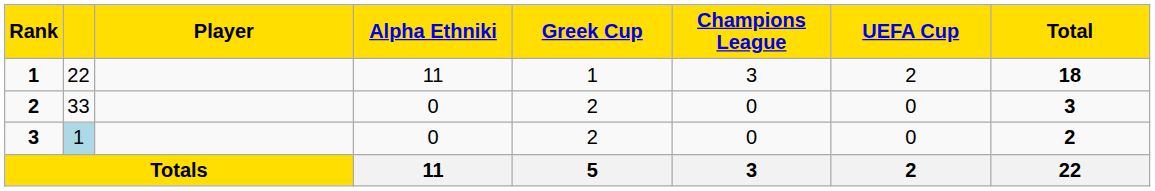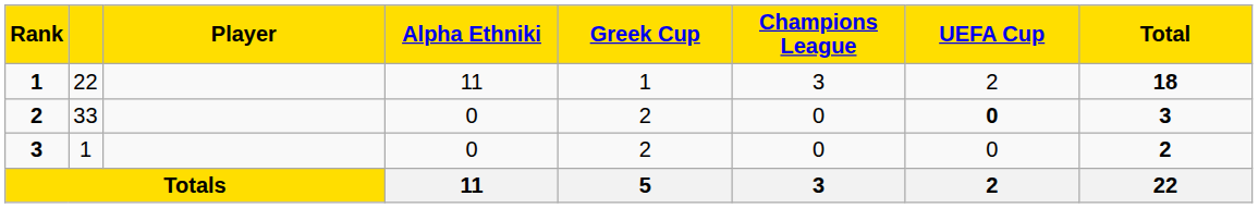 <table class="wikitable sortable" style="text-align:center">
 <tr>
 <th style="background:#FFDE00">Rank</th>
 <th style="background:#FFDE00"></th>
 <th width=200 style="background:#FFDE00">Player</th>
 <th width=120 style="background:#FFDE00"><a href='#'>Alpha Ethniki</a></th>
 <th width=120 style="background:#FFDE00"><a href='#'>Greek Cup</a></th>
 <th width=120 style="background:#FFDE00"><a href='#'>Champions League</a></th>
 <th width=120 style="background:#FFDE00"><a href='#'>UEFA Cup</a></th>
 <th width=120 style="background:#FFDE00">Total</th>
 </tr>
 <tr>
 <td><strong>1</strong></td>
 <td>22</td>
 <td align=left></td>
 <td>11</td>
 <td>1</td>
 <td>3</td>
 <td>2</td>
 <td><strong>18</strong></td>
 </tr>
 <tr>
 <td><strong>2</strong></td>
 <td>33</td>
 <td align=left></td>
 <td>0</td>
 <td>2</td>
 <td>0</td>
-<td>0</td>
+<td><strong>0</strong></td>
 <td><strong>3</strong></td>
 </tr>
 <tr>
 <td><strong>3</strong></td>
-<td style="background: lightblue;">1</td>
+<td>1</td>
 <td align=left></td>
 <td>0</td>
 <td>2</td>
 <td>0</td>
 <td>0</td>
 <td><strong>2</strong></td>
 </tr>
 <tr class="sortbottom">
 <th colspan=3 style="background:#FFDE00"><strong>Totals</strong></th>
 <th><strong>11</strong></th>
 <th><strong> 5</strong></th>
 <th><strong> 3</strong></th>
 <th><strong> 2</strong></th>
 <th><strong>22</strong></th>
 </tr>
 </table>
